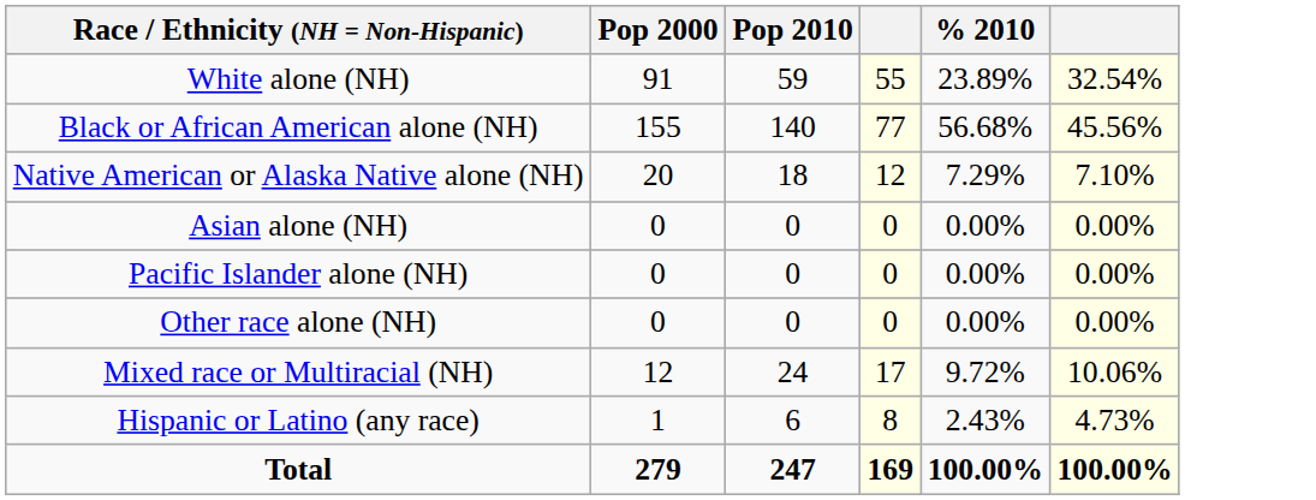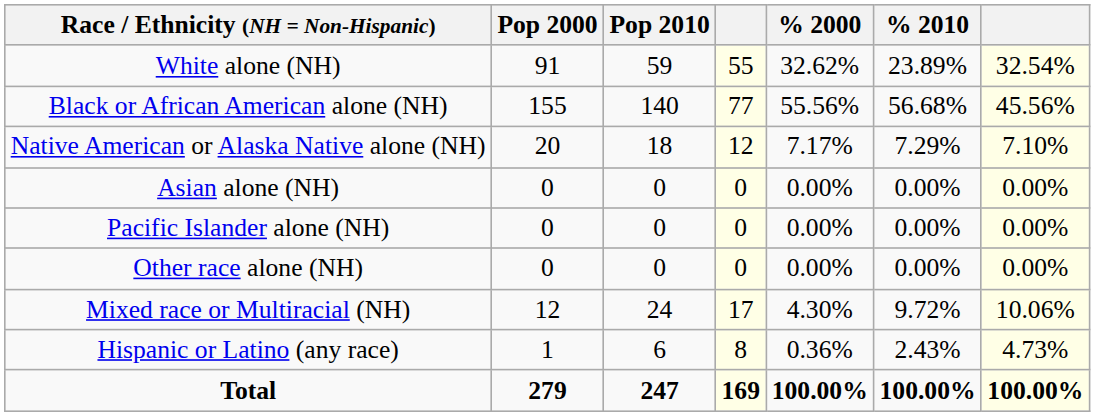 <table class="wikitable" style="text-align:center;">
 <tr>
 <th>Race / Ethnicity <small>(<em>NH = Non-Hispanic</em>)</small></th>
 <th>Pop 2000</th>
 <th>Pop 2010</th>
 <th></th>
+<th>% 2000</th>
 <th>% 2010</th>
 <th></th>
 </tr>
 <tr>
 <td><a href='#'>White</a> alone (NH)</td>
 <td>91</td>
 <td>59</td>
 <td style='background: #ffffe6;'>55</td>
+<td>32.62%</td>
 <td>23.89%</td>
 <td style='background: #ffffe6;'>32.54%</td>
 </tr>
 <tr>
 <td><a href='#'>Black or African American</a> alone (NH)</td>
 <td>155</td>
 <td>140</td>
 <td style='background: #ffffe6;'>77</td>
+<td>55.56%</td>
 <td>56.68%</td>
 <td style='background: #ffffe6;'>45.56%</td>
 </tr>
 <tr>
 <td><a href='#'>Native American</a> or <a href='#'>Alaska Native</a> alone (NH)</td>
 <td>20</td>
 <td>18</td>
 <td style='background: #ffffe6;'>12</td>
+<td>7.17%</td>
 <td>7.29%</td>
 <td style='background: #ffffe6;'>7.10%</td>
 </tr>
 <tr>
 <td><a href='#'>Asian</a> alone (NH)</td>
 <td>0</td>
 <td>0</td>
 <td style='background: #ffffe6;'>0</td>
 <td>0.00%</td>
+<td>0.00%</td>
 <td style='background: #ffffe6;'>0.00%</td>
 </tr>
 <tr>
 <td><a href='#'>Pacific Islander</a> alone (NH)</td>
 <td>0</td>
 <td>0</td>
 <td style='background: #ffffe6;'>0</td>
+<td>0.00%</td>
 <td>0.00%</td>
 <td style='background: #ffffe6;'>0.00%</td>
 </tr>
 <tr>
 <td><a href='#'>Other race</a> alone (NH)</td>
 <td>0</td>
 <td>0</td>
 <td style='background: #ffffe6;'>0</td>
 <td>0.00%</td>
+<td>0.00%</td>
 <td style='background: #ffffe6;'>0.00%</td>
 </tr>
 <tr>
 <td><a href='#'>Mixed race or Multiracial</a> (NH)</td>
 <td>12</td>
 <td>24</td>
 <td style='background: #ffffe6;'>17</td>
+<td>4.30%</td>
 <td>9.72%</td>
 <td style='background: #ffffe6;'>10.06%</td>
 </tr>
 <tr>
 <td><a href='#'>Hispanic or Latino</a> (any race)</td>
 <td>1</td>
 <td>6</td>
 <td style='background: #ffffe6;'>8</td>
+<td>0.36%</td>
 <td>2.43%</td>
 <td style='background: #ffffe6;'>4.73%</td>
 </tr>
 <tr>
 <td><strong>Total</strong></td>
 <td><strong>279</strong></td>
 <td><strong>247</strong></td>
 <td style='background: #ffffe6;'><strong>169</strong></td>
 <td><strong>100.00%</strong></td>
+<td><strong>100.00%</strong></td>
 <td style='background: #ffffe6;'><strong>100.00%</strong></td>
 </tr>
 </table>
